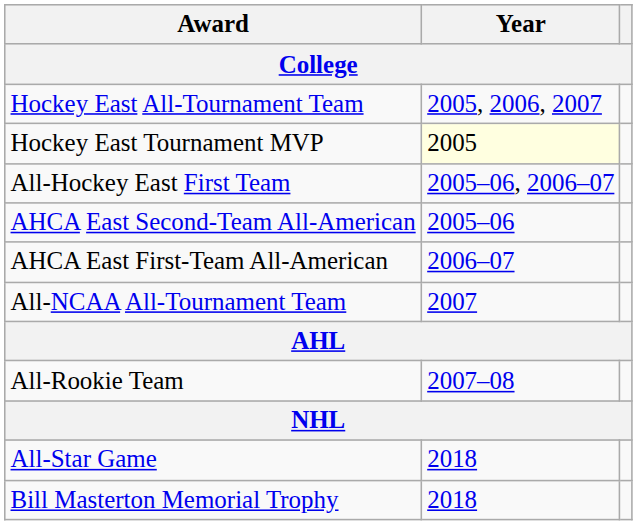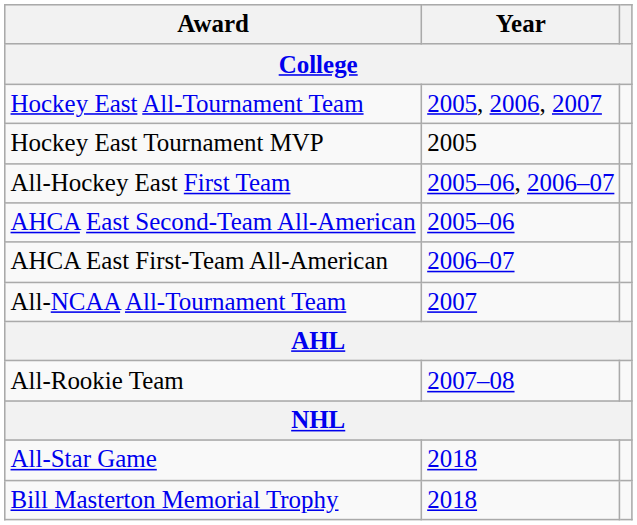 <table class="wikitable">
 <tr>
 <th>Award</th>
 <th>Year</th>
 <th></th>
 </tr>
 <tr>
 <th colspan="3"><a href='#'>College</a></th>
 </tr>
 <tr>
 <td><a href='#'>Hockey East</a> <a href='#'>All-Tournament Team</a></td>
 <td><a href='#'>2005</a>, <a href='#'>2006</a>, <a href='#'>2007</a></td>
 <td></td>
 </tr>
 <tr>
 <td>Hockey East Tournament MVP</td>
-<td style="background: lightyellow;">2005</td>
+<td>2005</td>
 <td></td>
 </tr>
 <tr>
 <td>All-Hockey East <a href='#'>First Team</a></td>
 <td><a href='#'>2005–06</a>, <a href='#'>2006–07</a></td>
 <td></td>
 </tr>
 <tr>
 <td><a href='#'>AHCA</a> <a href='#'>East Second-Team All-American</a></td>
 <td><a href='#'>2005–06</a></td>
 <td></td>
 </tr>
 <tr>
 <td>AHCA East First-Team All-American</td>
 <td><a href='#'>2006–07</a></td>
 <td></td>
 </tr>
 <tr>
 <td>All-<a href='#'>NCAA</a> <a href='#'>All-Tournament Team</a></td>
 <td><a href='#'>2007</a></td>
 <td></td>
 </tr>
 <tr>
 <th colspan="3"><a href='#'>AHL</a></th>
 </tr>
 <tr>
 <td>All-Rookie Team</td>
 <td><a href='#'>2007–08</a></td>
 <td></td>
 </tr>
 <tr>
 <th colspan="3"><a href='#'>NHL</a></th>
 </tr>
 <tr>
 <td><a href='#'>All-Star Game</a></td>
 <td><a href='#'>2018</a></td>
 <td></td>
 </tr>
 <tr>
 <td><a href='#'>Bill Masterton Memorial Trophy</a></td>
 <td><a href='#'>2018</a></td>
 <td></td>
 </tr>
 </table>
